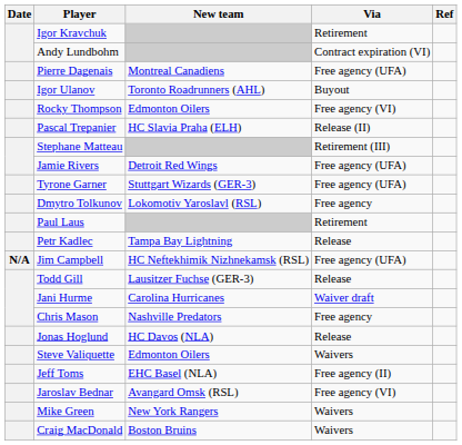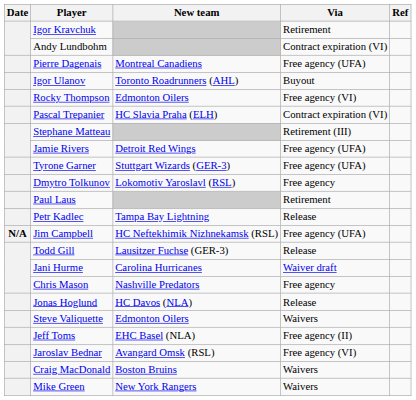 <table class="wikitable plainrowheaders">
 <tr style="background:#ddd; text-align:center;">
 <th>Date</th>
 <th>Player</th>
 <th>New team</th>
 <th>Via</th>
 <th>Ref</th>
 </tr>
 <tr>
 <th scope="row" rowspan=2></th>
 <td><a href='#'>Igor Kravchuk</a></td>
 <td style="background:#ccc"></td>
 <td>Retirement</td>
 <td></td>
 </tr>
 <tr>
 <td>Andy Lundbohm</td>
 <td style="background:#ccc"></td>
 <td>Contract expiration (VI)</td>
 <td></td>
 </tr>
 <tr>
 <th scope="row"></th>
 <td><a href='#'>Pierre Dagenais</a></td>
 <td><a href='#'>Montreal Canadiens</a></td>
 <td>Free agency (UFA)</td>
 <td></td>
 </tr>
 <tr>
 <th scope="row"></th>
 <td><a href='#'>Igor Ulanov</a></td>
 <td><a href='#'>Toronto Roadrunners</a> (<a href='#'>AHL</a>)</td>
 <td>Buyout</td>
 <td></td>
 </tr>
 <tr>
 <th scope="row"></th>
 <td><a href='#'>Rocky Thompson</a></td>
 <td><a href='#'>Edmonton Oilers</a></td>
 <td>Free agency (VI)</td>
 <td></td>
 </tr>
 <tr>
 <th scope="row"></th>
 <td><a href='#'>Pascal Trepanier</a></td>
 <td><a href='#'>HC Slavia Praha</a> (<a href='#'>ELH</a>)</td>
-<td>Release (II)</td>
+<td>Contract expiration (VI)</td>
 <td></td>
 </tr>
 <tr>
 <th scope="row" rowspan=2></th>
 <td><a href='#'>Stephane Matteau</a></td>
 <td style="background:#ccc"></td>
 <td>Retirement (III)</td>
 <td></td>
 </tr>
 <tr>
 <td><a href='#'>Jamie Rivers</a></td>
 <td><a href='#'>Detroit Red Wings</a></td>
 <td>Free agency (UFA)</td>
 <td></td>
 </tr>
 <tr>
 <th scope="row"></th>
 <td><a href='#'>Tyrone Garner</a></td>
 <td><a href='#'>Stuttgart Wizards</a> (<a href='#'>GER-3</a>)</td>
 <td>Free agency (UFA)</td>
 <td></td>
 </tr>
 <tr>
 <th scope="row"></th>
 <td><a href='#'>Dmytro Tolkunov</a></td>
 <td><a href='#'>Lokomotiv Yaroslavl</a> (<a href='#'>RSL</a>)</td>
 <td>Free agency</td>
 <td></td>
 </tr>
 <tr>
 <th scope="row"></th>
 <td><a href='#'>Paul Laus</a></td>
 <td style="background:#ccc"></td>
 <td>Retirement</td>
 <td></td>
 </tr>
 <tr>
 <th scope="row"></th>
 <td><a href='#'>Petr Kadlec</a></td>
 <td><a href='#'>Tampa Bay Lightning</a></td>
 <td>Release</td>
 <td></td>
 </tr>
 <tr>
 <th scope="row">N/A</th>
 <td><a href='#'>Jim Campbell</a></td>
 <td><a href='#'>HC Neftekhimik Nizhnekamsk</a> (RSL)</td>
 <td>Free agency (UFA)</td>
 <td></td>
 </tr>
 <tr>
 <th scope="row" rowspan=3></th>
 <td><a href='#'>Todd Gill</a></td>
 <td><a href='#'>Lausitzer Fuchse</a> (GER-3)</td>
 <td>Release</td>
 <td></td>
 </tr>
 <tr>
 <td><a href='#'>Jani Hurme</a></td>
 <td><a href='#'>Carolina Hurricanes</a></td>
 <td><a href='#'>Waiver draft</a></td>
 <td></td>
 </tr>
 <tr>
 <td><a href='#'>Chris Mason</a></td>
 <td><a href='#'>Nashville Predators</a></td>
 <td>Free agency</td>
 <td></td>
 </tr>
 <tr>
 <th scope="row"></th>
 <td><a href='#'>Jonas Hoglund</a></td>
 <td><a href='#'>HC Davos</a> (<a href='#'>NLA</a>)</td>
 <td>Release</td>
 <td></td>
 </tr>
 <tr>
 <th scope="row"></th>
 <td><a href='#'>Steve Valiquette</a></td>
 <td><a href='#'>Edmonton Oilers</a></td>
 <td>Waivers</td>
 <td></td>
 </tr>
 <tr>
 <th scope="row"></th>
 <td><a href='#'>Jeff Toms</a></td>
 <td><a href='#'>EHC Basel</a> (NLA)</td>
 <td>Free agency (II)</td>
 <td></td>
 </tr>
 <tr>
 <th scope="row"></th>
 <td><a href='#'>Jaroslav Bednar</a></td>
 <td><a href='#'>Avangard Omsk</a> (RSL)</td>
 <td>Free agency (VI)</td>
 <td></td>
 </tr>
 <tr>
 <th scope="row"></th>
+<td><a href='#'>Craig MacDonald</a></td>
+<td><a href='#'>Boston Bruins</a></td>
+<td>Waivers</td>
+<td></td>
+</tr>
+<tr>
+<th scope="row"></th>
 <td><a href='#'>Mike Green</a></td>
 <td><a href='#'>New York Rangers</a></td>
 <td>Waivers</td>
 <td></td>
 </tr>
-<tr>
-<th scope="row"></th>
-<td><a href='#'>Craig MacDonald</a></td>
-<td><a href='#'>Boston Bruins</a></td>
-<td>Waivers</td>
-<td></td>
-</tr>
 </table>
